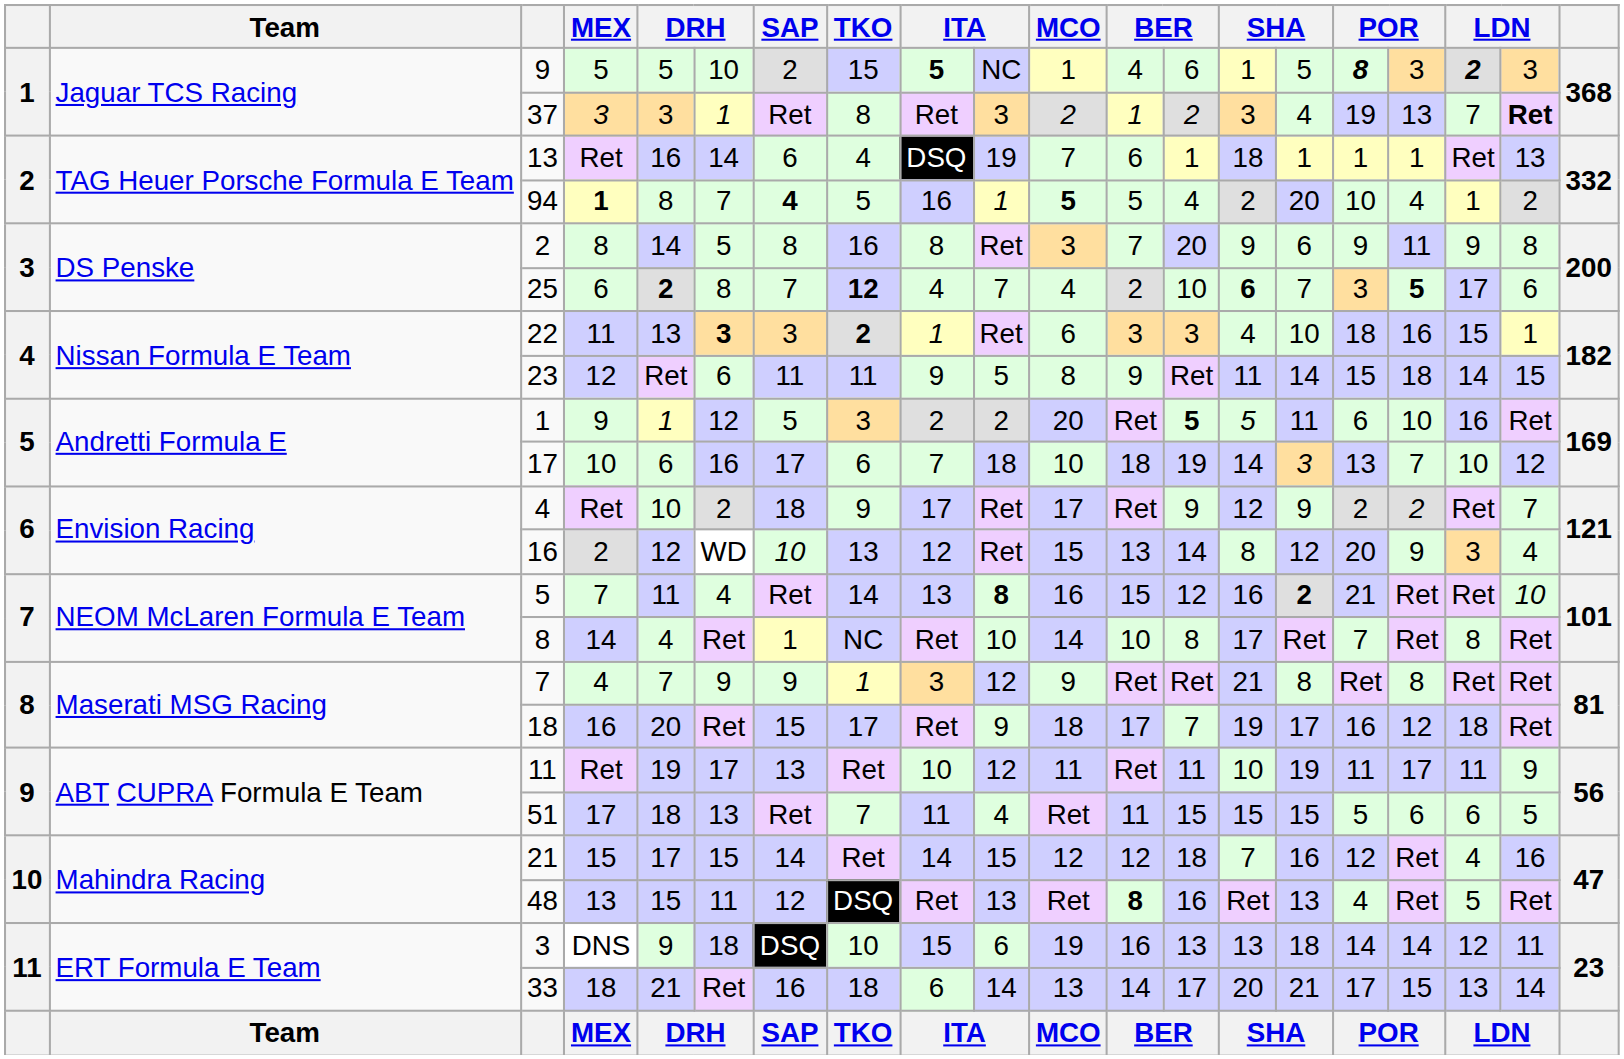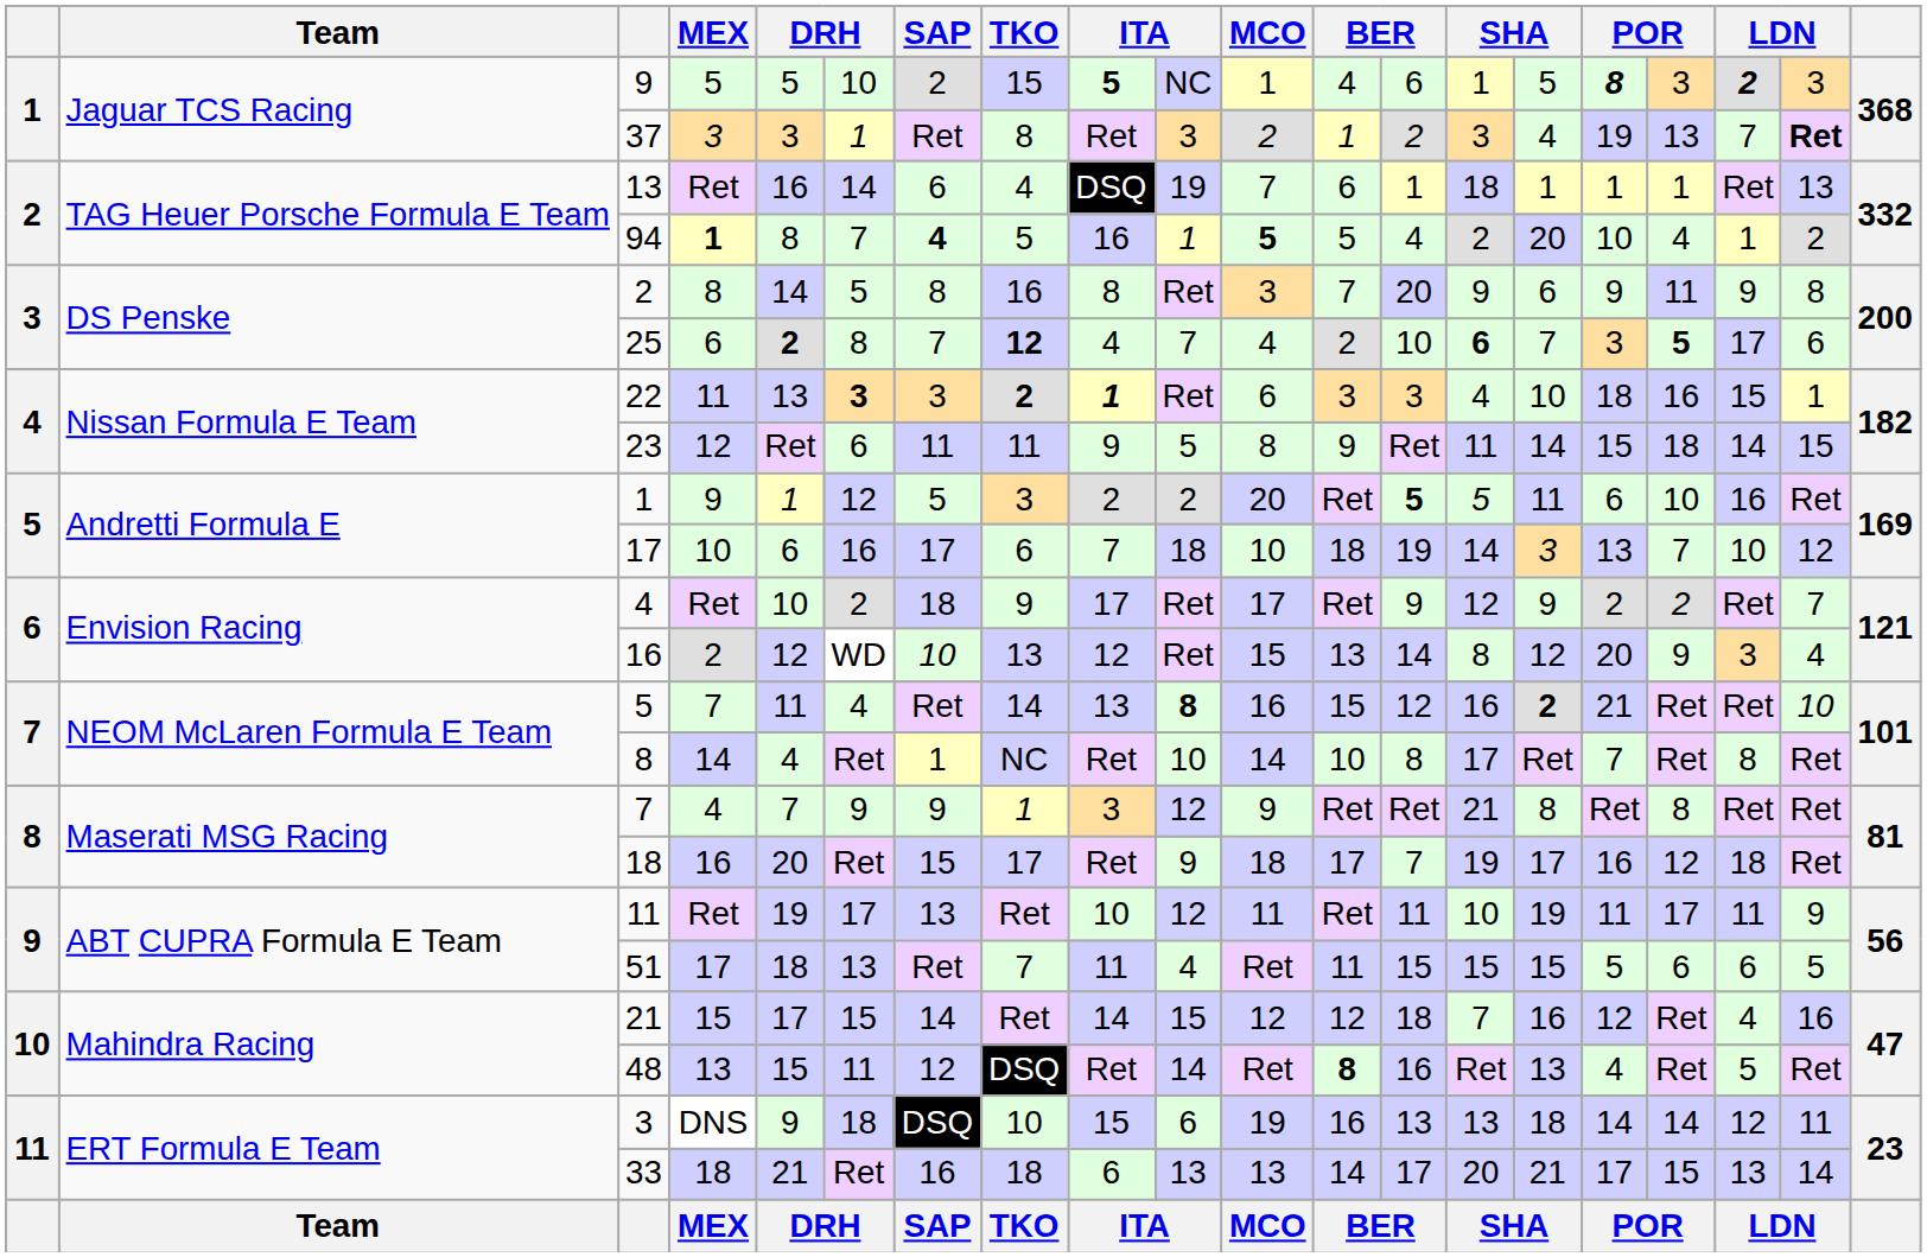 <table class="wikitable" style="font-size:85%; text-align:center">
 <tr>
 <th valign="middle"></th>
 <th valign="middle">Team</th>
 <th></th>
 <th><a href='#'>MEX</a><br></th>
 <th colspan="2" scope="col"><a href='#'>DRH</a><br></th>
 <th><a href='#'>SAP</a><br></th>
 <th><a href='#'>TKO</a><br></th>
 <th colspan="2"><a href='#'>ITA</a><br></th>
 <th><a href='#'>MCO</a><br></th>
 <th colspan="2"><a href='#'>BER</a><br></th>
 <th colspan="2"><a href='#'>SHA</a><br></th>
 <th colspan="2"><a href='#'>POR</a><br></th>
 <th colspan="2"><a href='#'>LDN</a><br></th>
 <th></th>
 </tr>
 <tr>
 <th rowspan='2'>1</th>
 <td rowspan='2' align=left> <a href='#'>Jaguar TCS Racing</a></td>
 <td>9</td>
 <td style="background:#DFFFDF">5</td>
 <td style="background:#DFFFDF">5</td>
 <td style="background:#DFFFDF">10</td>
 <td style="background:#DFDFDF">2</td>
 <td style="background:#CFCFFF">15</td>
 <td style="background:#DFFFDF"><strong>5</strong></td>
 <td style="background:#CFCFFF">NC</td>
 <td style="background:#FFFFBF">1</td>
 <td style="background:#DFFFDF">4</td>
 <td style="background:#DFFFDF">6</td>
 <td style="background:#FFFFBF">1</td>
 <td style="background:#DFFFDF">5</td>
 <td style="background:#DFFFDF"><strong><em>8</em></strong></td>
 <td style="background:#FFDF9F">3</td>
 <td style="background:#DFDFDF"><strong><em>2</em></strong></td>
 <td style="background:#FFDF9F">3</td>
 <th rowspan='2'>368</th>
 </tr>
 <tr>
 <td>37</td>
 <td style="background:#FFDF9F"><em>3</em></td>
 <td style="background:#FFDF9F">3</td>
 <td style="background:#FFFFBF"><em>1</em></td>
 <td style="background:#EFCFFF">Ret</td>
 <td style="background:#DFFFDF">8</td>
 <td style="background:#EFCFFF">Ret</td>
 <td style="background:#FFDF9F">3</td>
 <td style="background:#DFDFDF"><em>2</em></td>
 <td style="background:#FFFFBF"><em>1</em></td>
 <td style="background:#DFDFDF"><em>2</em></td>
 <td style="background:#FFDF9F">3</td>
 <td style="background:#DFFFDF">4</td>
 <td style="background:#CFCFFF">19</td>
 <td style="background:#CFCFFF">13</td>
 <td style="background:#DFFFDF">7</td>
 <td style="background:#EFCFFF"><strong>Ret</strong></td>
 </tr>
 <tr>
 <th rowspan='2'>2</th>
 <td rowspan='2' align=left> <a href='#'>TAG Heuer Porsche Formula E Team</a></td>
 <td>13</td>
 <td style="background:#EFCFFF">Ret</td>
 <td style="background:#CFCFFF">16</td>
 <td style="background:#CFCFFF">14</td>
 <td style="background:#DFFFDF">6</td>
 <td style="background:#DFFFDF">4</td>
 <td style="background:#000000; letter-spacing:0px; color:white">DSQ</td>
 <td style="background:#CFCFFF">19</td>
 <td style="background:#DFFFDF">7</td>
 <td style="background:#DFFFDF">6</td>
 <td style="background:#FFFFBF">1</td>
 <td style="background:#CFCFFF">18</td>
 <td style="background:#FFFFBF">1</td>
 <td style="background:#FFFFBF">1</td>
 <td style="background:#FFFFBF">1</td>
 <td style="background:#EFCFFF">Ret</td>
 <td style="background:#CFCFFF">13</td>
 <th rowspan='2'>332</th>
 </tr>
 <tr>
 <td>94</td>
 <td style="background:#FFFFBF"><strong>1</strong></td>
 <td style="background:#DFFFDF">8</td>
 <td style="background:#DFFFDF">7</td>
 <td style="background:#DFFFDF"><strong>4</strong></td>
 <td style="background:#DFFFDF">5</td>
 <td style="background:#CFCFFF">16</td>
 <td style="background:#FFFFBF"><em>1</em></td>
 <td style="background:#DFFFDF"><strong>5</strong></td>
 <td style="background:#DFFFDF">5</td>
 <td style="background:#DFFFDF">4</td>
 <td style="background:#DFDFDF">2</td>
 <td style="background:#CFCFFF">20</td>
 <td style="background:#DFFFDF">10</td>
 <td style="background:#DFFFDF">4</td>
 <td style="background:#FFFFBF">1</td>
 <td style="background:#DFDFDF">2</td>
 </tr>
 <tr>
 <th rowspan='2'>3</th>
 <td rowspan='2' align=left> <a href='#'>DS Penske</a></td>
 <td>2</td>
 <td style="background:#DFFFDF">8</td>
 <td style="background:#CFCFFF">14</td>
 <td style="background:#DFFFDF">5</td>
 <td style="background:#DFFFDF">8</td>
 <td style="background:#CFCFFF">16</td>
 <td style="background:#DFFFDF">8</td>
 <td style="background:#EFCFFF">Ret</td>
 <td style="background:#FFDF9F">3</td>
 <td style="background:#DFFFDF">7</td>
 <td style="background:#CFCFFF">20</td>
 <td style="background:#DFFFDF">9</td>
 <td style="background:#DFFFDF">6</td>
 <td style="background:#DFFFDF">9</td>
 <td style="background:#CFCFFF">11</td>
 <td style="background:#DFFFDF">9</td>
 <td style="background:#DFFFDF">8</td>
 <th rowspan='2'>200</th>
 </tr>
 <tr>
 <td>25</td>
 <td style="background:#DFFFDF">6</td>
 <td style="background:#DFDFDF"><strong>2</strong></td>
 <td style="background:#DFFFDF">8</td>
 <td style="background:#DFFFDF">7</td>
 <td style="background:#CFCFFF"><strong>12</strong></td>
 <td style="background:#DFFFDF">4</td>
 <td style="background:#DFFFDF">7</td>
 <td style="background:#DFFFDF">4</td>
 <td style="background:#DFDFDF">2</td>
 <td style="background:#DFFFDF">10</td>
 <td style="background:#DFFFDF"><strong>6</strong></td>
 <td style="background:#DFFFDF">7</td>
 <td style="background:#FFDF9F">3</td>
 <td style="background:#DFFFDF"><strong>5</strong></td>
 <td style="background:#CFCFFF">17</td>
 <td style="background:#DFFFDF">6</td>
 </tr>
 <tr>
 <th rowspan='2'>4</th>
 <td rowspan='2' align=left> <a href='#'>Nissan Formula E Team</a></td>
 <td>22</td>
 <td style="background:#CFCFFF">11</td>
 <td style="background:#CFCFFF">13</td>
 <td style="background:#FFDF9F"><strong>3</strong></td>
 <td style="background:#FFDF9F">3</td>
 <td style="background:#DFDFDF"><strong>2</strong></td>
-<td style="background:#FFFFBF"><em>1</em></td>
+<td style="background:#FFFFBF"><strong><em>1</em></strong></td>
 <td style="background:#EFCFFF">Ret</td>
 <td style="background:#DFFFDF">6</td>
 <td style="background:#FFDF9F">3</td>
 <td style="background:#FFDF9F">3</td>
 <td style="background:#DFFFDF">4</td>
 <td style="background:#DFFFDF">10</td>
 <td style="background:#CFCFFF">18</td>
 <td style="background:#CFCFFF">16</td>
 <td style="background:#CFCFFF">15</td>
 <td style="background:#FFFFBF">1</td>
 <th rowspan='2'>182</th>
 </tr>
 <tr>
 <td>23</td>
 <td style="background:#CFCFFF">12</td>
 <td style="background:#EFCFFF">Ret</td>
 <td style="background:#DFFFDF">6</td>
 <td style="background:#CFCFFF">11</td>
 <td style="background:#CFCFFF">11</td>
 <td style="background:#DFFFDF">9</td>
 <td style="background:#DFFFDF">5</td>
 <td style="background:#DFFFDF">8</td>
 <td style="background:#DFFFDF">9</td>
 <td style="background:#EFCFFF">Ret</td>
 <td style="background:#CFCFFF">11</td>
 <td style="background:#CFCFFF">14</td>
 <td style="background:#CFCFFF">15</td>
 <td style="background:#CFCFFF">18</td>
 <td style="background:#CFCFFF">14</td>
 <td style="background:#CFCFFF">15</td>
 </tr>
 <tr>
 <th rowspan='2'>5</th>
 <td rowspan='2' align=left> <a href='#'>Andretti Formula E</a></td>
 <td>1</td>
 <td style="background:#DFFFDF">9</td>
 <td style="background:#FFFFBF"><em>1</em></td>
 <td style="background:#CFCFFF">12</td>
 <td style="background:#DFFFDF">5</td>
 <td style="background:#FFDF9F">3</td>
 <td style="background:#DFDFDF">2</td>
 <td style="background:#DFDFDF">2</td>
 <td style="background:#CFCFFF">20</td>
 <td style="background:#EFCFFF">Ret</td>
 <td style="background:#DFFFDF"><strong>5</strong></td>
 <td style="background:#DFFFDF"><em>5</em></td>
 <td style="background:#CFCFFF">11</td>
 <td style="background:#DFFFDF">6</td>
 <td style="background:#DFFFDF">10</td>
 <td style="background:#CFCFFF">16</td>
 <td style="background:#EFCFFF">Ret</td>
 <th rowspan='2'>169</th>
 </tr>
 <tr>
 <td>17</td>
 <td style="background:#DFFFDF">10</td>
 <td style="background:#DFFFDF">6</td>
 <td style="background:#CFCFFF">16</td>
 <td style="background:#CFCFFF">17</td>
 <td style="background:#DFFFDF">6</td>
 <td style="background:#DFFFDF">7</td>
 <td style="background:#CFCFFF">18</td>
 <td style="background:#DFFFDF">10</td>
 <td style="background:#CFCFFF">18</td>
 <td style="background:#CFCFFF">19</td>
 <td style="background:#CFCFFF">14</td>
 <td style="background:#FFDF9F"><em>3</em></td>
 <td style="background:#CFCFFF">13</td>
 <td style="background:#DFFFDF">7</td>
 <td style="background:#DFFFDF">10</td>
 <td style="background:#CFCFFF">12</td>
 </tr>
 <tr>
 <th rowspan='2'>6</th>
 <td rowspan='2' align=left> <a href='#'>Envision Racing</a></td>
 <td>4</td>
 <td style="background:#EFCFFF">Ret</td>
 <td style="background:#DFFFDF">10</td>
 <td style="background:#DFDFDF">2</td>
 <td style="background:#CFCFFF">18</td>
 <td style="background:#DFFFDF">9</td>
 <td style="background:#CFCFFF">17</td>
 <td style="background:#EFCFFF">Ret</td>
 <td style="background:#CFCFFF">17</td>
 <td style="background:#EFCFFF">Ret</td>
 <td style="background:#DFFFDF">9</td>
 <td style="background:#CFCFFF">12</td>
 <td style="background:#DFFFDF">9</td>
 <td style="background:#DFDFDF">2</td>
 <td style="background:#DFDFDF"><em>2</em></td>
 <td style="background:#EFCFFF">Ret</td>
 <td style="background:#DFFFDF">7</td>
 <th rowspan='2'>121</th>
 </tr>
 <tr>
 <td>16</td>
 <td style="background:#DFDFDF">2</td>
 <td style="background:#CFCFFF">12</td>
 <td style="background:#ffffff">WD</td>
 <td style="background:#DFFFDF"><em>10</em></td>
 <td style="background:#CFCFFF">13</td>
 <td style="background:#CFCFFF">12</td>
 <td style="background:#EFCFFF">Ret</td>
 <td style="background:#CFCFFF">15</td>
 <td style="background:#CFCFFF">13</td>
 <td style="background:#CFCFFF">14</td>
 <td style="background:#DFFFDF">8</td>
 <td style="background:#CFCFFF">12</td>
 <td style="background:#CFCFFF">20</td>
 <td style="background:#DFFFDF">9</td>
 <td style="background:#FFDF9F">3</td>
 <td style="background:#DFFFDF">4</td>
 </tr>
 <tr>
 <th rowspan='2'>7</th>
 <td rowspan='2' align=left> <a href='#'>NEOM McLaren Formula E Team</a></td>
 <td>5</td>
 <td style="background:#DFFFDF">7</td>
 <td style="background:#CFCFFF">11</td>
 <td style="background:#DFFFDF">4</td>
 <td style="background:#EFCFFF">Ret</td>
 <td style="background:#CFCFFF">14</td>
 <td style="background:#CFCFFF">13</td>
 <td style="background:#DFFFDF"><strong>8</strong></td>
 <td style="background:#CFCFFF">16</td>
 <td style="background:#CFCFFF">15</td>
 <td style="background:#CFCFFF">12</td>
 <td style="background:#CFCFFF">16</td>
 <td style="background:#DFDFDF"><strong>2</strong></td>
 <td style="background:#CFCFFF">21</td>
 <td style="background:#EFCFFF">Ret</td>
 <td style="background:#EFCFFF">Ret</td>
 <td style="background:#DFFFDF"><em>10</em></td>
 <th rowspan='2'>101</th>
 </tr>
 <tr>
 <td>8</td>
 <td style="background:#CFCFFF">14</td>
 <td style="background:#DFFFDF">4</td>
 <td style="background:#EFCFFF">Ret</td>
 <td style="background:#FFFFBF">1</td>
 <td style="background:#CFCFFF">NC</td>
 <td style="background:#EFCFFF">Ret</td>
 <td style="background:#DFFFDF">10</td>
 <td style="background:#CFCFFF">14</td>
 <td style="background:#DFFFDF">10</td>
 <td style="background:#DFFFDF">8</td>
 <td style="background:#CFCFFF">17</td>
 <td style="background:#EFCFFF">Ret</td>
 <td style="background:#DFFFDF">7</td>
 <td style="background:#EFCFFF">Ret</td>
 <td style="background:#DFFFDF">8</td>
 <td style="background:#EFCFFF">Ret</td>
 </tr>
 <tr>
 <th rowspan='2'>8</th>
 <td rowspan='2' align=left> <a href='#'>Maserati MSG Racing</a></td>
 <td>7</td>
 <td style="background:#DFFFDF">4</td>
 <td style="background:#DFFFDF">7</td>
 <td style="background:#DFFFDF">9</td>
 <td style="background:#DFFFDF">9</td>
 <td style="background:#FFFFBF"><em>1</em></td>
 <td style="background:#FFDF9F">3</td>
 <td style="background:#CFCFFF">12</td>
 <td style="background:#DFFFDF">9</td>
 <td style="background:#EFCFFF">Ret</td>
 <td style="background:#EFCFFF">Ret</td>
 <td style="background:#CFCFFF">21</td>
 <td style="background:#DFFFDF">8</td>
 <td style="background:#EFCFFF">Ret</td>
 <td style="background:#DFFFDF">8</td>
 <td style="background:#EFCFFF">Ret</td>
 <td style="background:#EFCFFF">Ret</td>
 <th rowspan='2'>81</th>
 </tr>
 <tr>
 <td>18</td>
 <td style="background:#CFCFFF">16</td>
 <td style="background:#CFCFFF">20</td>
 <td style="background:#EFCFFF">Ret</td>
 <td style="background:#CFCFFF">15</td>
 <td style="background:#CFCFFF">17</td>
 <td style="background:#EFCFFF">Ret</td>
 <td style="background:#DFFFDF">9</td>
 <td style="background:#CFCFFF">18</td>
 <td style="background:#CFCFFF">17</td>
 <td style="background:#DFFFDF">7</td>
 <td style="background:#CFCFFF">19</td>
 <td style="background:#CFCFFF">17</td>
 <td style="background:#CFCFFF">16</td>
 <td style="background:#CFCFFF">12</td>
 <td style="background:#CFCFFF">18</td>
 <td style="background:#EFCFFF">Ret</td>
 </tr>
 <tr>
 <th rowspan='2'>9</th>
 <td rowspan='2' align=left> <a href='#'>ABT</a> <a href='#'>CUPRA</a> Formula E Team</td>
 <td>11</td>
 <td style="background:#EFCFFF">Ret</td>
 <td style="background:#CFCFFF">19</td>
 <td style="background:#CFCFFF">17</td>
 <td style="background:#CFCFFF">13</td>
 <td style="background:#EFCFFF">Ret</td>
 <td style="background:#DFFFDF">10</td>
 <td style="background:#CFCFFF">12</td>
 <td style="background:#CFCFFF">11</td>
 <td style="background:#EFCFFF">Ret</td>
 <td style="background:#CFCFFF">11</td>
 <td style="background:#DFFFDF">10</td>
 <td style="background:#CFCFFF">19</td>
 <td style="background:#CFCFFF">11</td>
 <td style="background:#CFCFFF">17</td>
 <td style="background:#CFCFFF">11</td>
 <td style="background:#DFFFDF">9</td>
 <th rowspan='2'>56</th>
 </tr>
 <tr>
 <td>51</td>
 <td style="background:#CFCFFF">17</td>
 <td style="background:#CFCFFF">18</td>
 <td style="background:#CFCFFF">13</td>
 <td style="background:#EFCFFF">Ret</td>
 <td style="background:#DFFFDF">7</td>
 <td style="background:#CFCFFF">11</td>
 <td style="background:#DFFFDF">4</td>
 <td style="background:#EFCFFF">Ret</td>
 <td style="background:#CFCFFF">11</td>
 <td style="background:#CFCFFF">15</td>
 <td style="background:#CFCFFF">15</td>
 <td style="background:#CFCFFF">15</td>
 <td style="background:#DFFFDF">5</td>
 <td style="background:#DFFFDF">6</td>
 <td style="background:#DFFFDF">6</td>
 <td style="background:#DFFFDF">5</td>
 </tr>
 <tr>
 <th rowspan='2'>10</th>
 <td rowspan='2' align=left> <a href='#'>Mahindra Racing</a></td>
 <td>21</td>
 <td style="background:#CFCFFF">15</td>
 <td style="background:#CFCFFF">17</td>
 <td style="background:#CFCFFF">15</td>
 <td style="background:#CFCFFF">14</td>
 <td style="background:#EFCFFF">Ret</td>
 <td style="background:#CFCFFF">14</td>
 <td style="background:#CFCFFF">15</td>
 <td style="background:#CFCFFF">12</td>
 <td style="background:#CFCFFF">12</td>
 <td style="background:#CFCFFF">18</td>
 <td style="background:#DFFFDF">7</td>
 <td style="background:#CFCFFF">16</td>
 <td style="background:#CFCFFF">12</td>
 <td style="background:#EFCFFF">Ret</td>
 <td style="background:#DFFFDF">4</td>
 <td style="background:#CFCFFF">16</td>
 <th rowspan='2'>47</th>
 </tr>
 <tr>
 <td>48</td>
 <td style="background:#CFCFFF">13</td>
 <td style="background:#CFCFFF">15</td>
 <td style="background:#CFCFFF">11</td>
 <td style="background:#CFCFFF">12</td>
 <td style="background:#000000; letter-spacing:0px; color:white">DSQ</td>
 <td style="background:#EFCFFF">Ret</td>
-<td style="background:#CFCFFF">13</td>
+<td style="background:#CFCFFF">14</td>
 <td style="background:#EFCFFF">Ret</td>
 <td style="background:#DFFFDF"><strong>8</strong></td>
 <td style="background:#CFCFFF">16</td>
 <td style="background:#EFCFFF">Ret</td>
 <td style="background:#CFCFFF">13</td>
 <td style="background:#DFFFDF">4</td>
 <td style="background:#EFCFFF">Ret</td>
 <td style="background:#DFFFDF">5</td>
 <td style="background:#EFCFFF">Ret</td>
 </tr>
 <tr>
 <th rowspan='2'>11</th>
 <td rowspan='2' align=left> <a href='#'>ERT Formula E Team</a></td>
 <td>3</td>
 <td style="background:#ffffff">DNS</td>
 <td style="background:#DFFFDF">9</td>
 <td style="background:#CFCFFF">18</td>
 <td style="background:#000000; letter-spacing:0px; color:white">DSQ</td>
 <td style="background:#DFFFDF">10</td>
 <td style="background:#CFCFFF">15</td>
 <td style="background:#DFFFDF">6</td>
 <td style="background:#CFCFFF">19</td>
 <td style="background:#CFCFFF">16</td>
 <td style="background:#CFCFFF">13</td>
 <td style="background:#CFCFFF">13</td>
 <td style="background:#CFCFFF">18</td>
 <td style="background:#CFCFFF">14</td>
 <td style="background:#CFCFFF">14</td>
 <td style="background:#CFCFFF">12</td>
 <td style="background:#CFCFFF">11</td>
 <th rowspan='2'>23</th>
 </tr>
 <tr>
 <td>33</td>
 <td style="background:#CFCFFF">18</td>
 <td style="background:#CFCFFF">21</td>
 <td style="background:#EFCFFF">Ret</td>
 <td style="background:#CFCFFF">16</td>
 <td style="background:#CFCFFF">18</td>
 <td style="background:#DFFFDF">6</td>
-<td style="background:#CFCFFF">14</td>
+<td style="background:#CFCFFF">13</td>
 <td style="background:#CFCFFF">13</td>
 <td style="background:#CFCFFF">14</td>
 <td style="background:#CFCFFF">17</td>
 <td style="background:#CFCFFF">20</td>
 <td style="background:#CFCFFF">21</td>
 <td style="background:#CFCFFF">17</td>
 <td style="background:#CFCFFF">15</td>
 <td style="background:#CFCFFF">13</td>
 <td style="background:#CFCFFF">14</td>
 </tr>
 <tr>
 <th></th>
 <th>Team</th>
 <th></th>
 <th><a href='#'>MEX</a><br></th>
 <th colspan="2" scope="col"><a href='#'>DRH</a><br></th>
 <th><a href='#'>SAP</a><br></th>
 <th><a href='#'>TKO</a><br></th>
 <th colspan="2"><a href='#'>ITA</a><br></th>
 <th><a href='#'>MCO</a><br></th>
 <th colspan="2"><a href='#'>BER</a><br></th>
 <th colspan="2"><a href='#'>SHA</a><br></th>
 <th colspan="2"><a href='#'>POR</a><br></th>
 <th colspan="2"><a href='#'>LDN</a><br></th>
 <th></th>
 </tr>
 </table>
